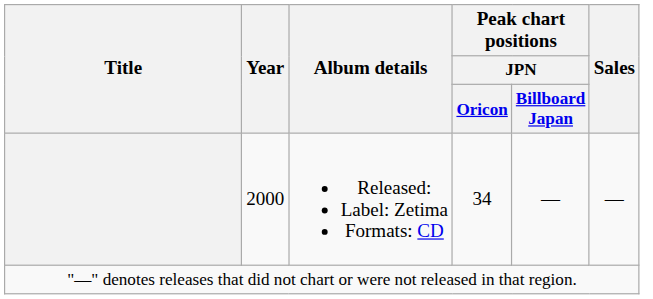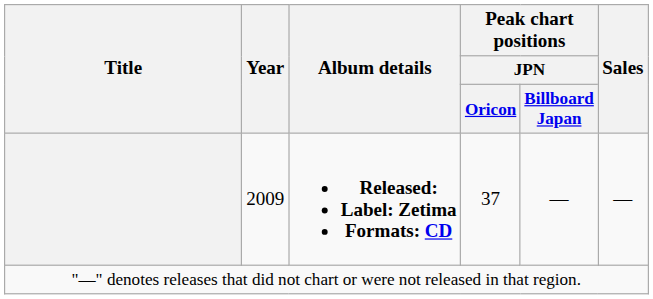 <table class="wikitable plainrowheaders" style="text-align:center;">
 <tr>
 <th scope="col" rowspan="3" style="width:12em;">Title</th>
 <th scope="col" rowspan="3">Year</th>
 <th scope="col" rowspan="3">Album details</th>
 <th scope="col" colspan="2">Peak chart positions</th>
 <th scope="col" rowspan="3">Sales</th>
 </tr>
 <tr>
 <th scope="col" style="width:3em;font-size:90%;" colspan="2">JPN</th>
 </tr>
 <tr>
 <th scope="col" style="width:3em;font-size:90%;"><a href='#'>Oricon</a></th>
 <th scope="col" style="width:3em;font-size:90%;"><a href='#'>Billboard Japan</a></th>
 </tr>
 <tr>
 <th scope="row"></th>
-<td>2000</td>
-<td><br><ul><li>Released: </li><li>Label: Zetima</li><li>Formats: <a href='#'>CD</a></li></ul></td>
-<td>34</td>
+<td>2009</td>
+<td><strong><br><ul><li>Released: </li><li>Label: Zetima</li><li>Formats: <a href='#'>CD</a></li></ul></strong></td>
+<td>37</td>
 <td>—</td>
 <td>—</td>
 </tr>
 <tr>
 <td colspan="6" style="font-size:90%;">"—" denotes releases that did not chart or were not released in that region.</td>
 </tr>
 </table>
